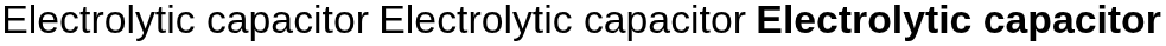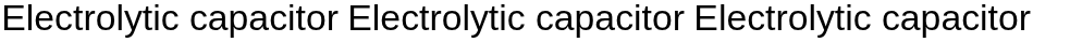 <table>
 <tr>
 <td></td>
 <td></td>
 <td></td>
 </tr>
 <tr>
 <td>Electrolytic capacitor</td>
 <td>Electrolytic capacitor</td>
-<td><strong>Electrolytic capacitor</strong></td>
+<td>Electrolytic capacitor</td>
 </tr>
 </table>
